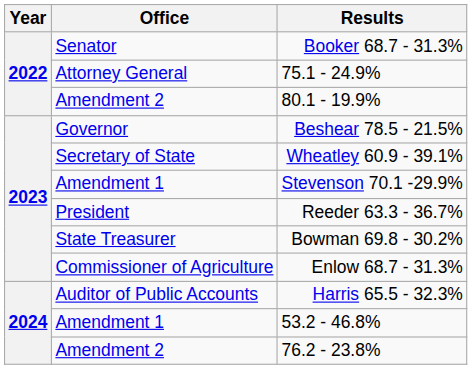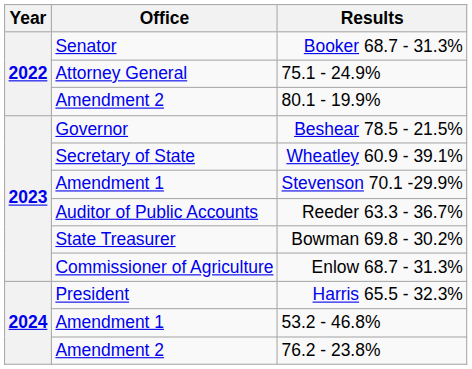 <table class=wikitable>
 <tr>
 <th>Year</th>
 <th>Office</th>
 <th>Results</th>
 </tr>
 <tr>
 <th rowspan=3><a href='#'>2022</a></th>
 <td><a href='#'>Senator</a></td>
 <td align="right" ><a href='#'>Booker</a> 68.7 - 31.3%</td>
 </tr>
 <tr>
 <td><a href='#'>Attorney General</a></td>
 <td> 75.1 - 24.9%</td>
 </tr>
 <tr>
 <td><a href='#'>Amendment 2</a></td>
 <td> 80.1 - 19.9%</td>
 </tr>
 <tr>
 <th rowspan=6><a href='#'>2023</a></th>
 <td><a href='#'>Governor</a></td>
 <td align="right" ><a href='#'>Beshear</a> 78.5 - 21.5%</td>
 </tr>
 <tr>
 <td><a href='#'>Secretary of State</a></td>
 <td align="right" ><a href='#'>Wheatley</a> 60.9 - 39.1%</td>
 </tr>
 <tr>
 <td><a href='#'>Amendment 1</a></td>
 <td align="right" ><a href='#'>Stevenson</a> 70.1 -29.9%</td>
 </tr>
 <tr>
-<td><a href='#'>President</a></td>
+<td><a href='#'>Auditor of Public Accounts</a></td>
 <td align="right" >Reeder 63.3 - 36.7%</td>
 </tr>
 <tr>
 <td><a href='#'>State Treasurer</a></td>
 <td align="right" >Bowman 69.8 - 30.2%</td>
 </tr>
 <tr>
 <td><a href='#'>Commissioner of Agriculture</a></td>
 <td align="right" >Enlow 68.7 - 31.3%</td>
 </tr>
 <tr>
 <th rowspan=3><a href='#'>2024</a></th>
-<td><a href='#'>Auditor of Public Accounts</a></td>
+<td><a href='#'>President</a></td>
 <td align="right" ><a href='#'>Harris</a> 65.5 - 32.3%</td>
 </tr>
 <tr>
 <td><a href='#'>Amendment 1</a></td>
 <td> 53.2 - 46.8%</td>
 </tr>
 <tr>
 <td><a href='#'>Amendment 2</a></td>
 <td> 76.2 - 23.8%</td>
 </tr>
 </table>
